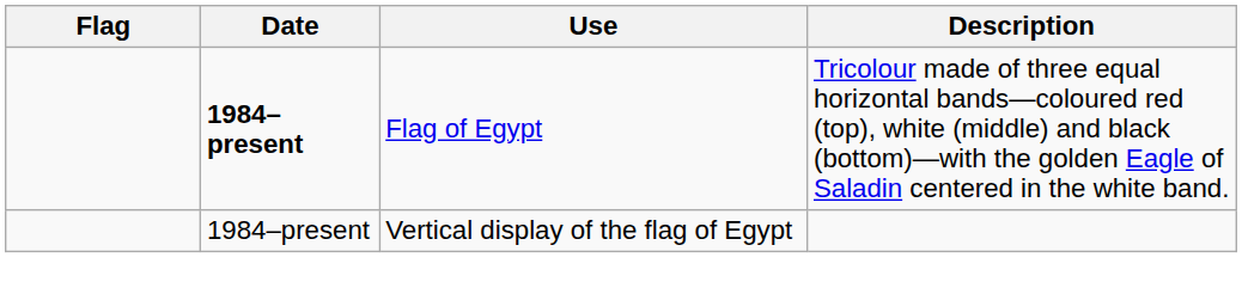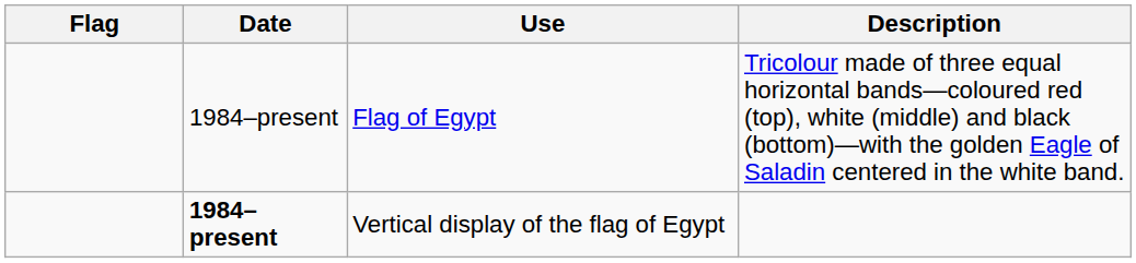 <table class="wikitable">
 <tr>
 <th style="width:110px;">Flag</th>
 <th style="width:100px;">Date</th>
 <th style="width:250px;">Use</th>
 <th style="width:250px;">Description</th>
 </tr>
 <tr>
 <td></td>
-<td><strong>1984–present</strong></td>
+<td>1984–present</td>
 <td><a href='#'>Flag of Egypt</a></td>
 <td><a href='#'>Tricolour</a> made of three equal horizontal bands—coloured red (top), white (middle) and black (bottom)—with the golden <a href='#'>Eagle</a> of <a href='#'>Saladin</a> centered in the white band.</td>
 </tr>
 <tr>
 <td></td>
-<td>1984–present</td>
+<td><strong>1984–present</strong></td>
 <td>Vertical display of the flag of Egypt</td>
 </tr>
 </table>
